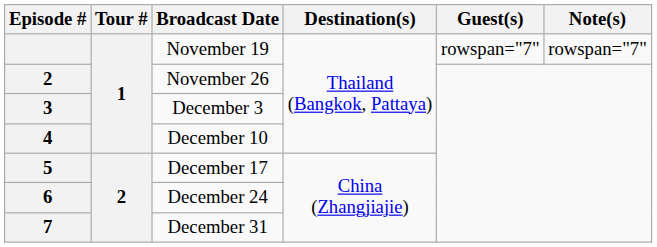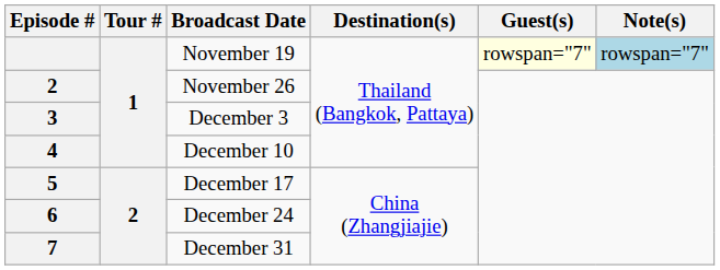 <table class="wikitable">
 <tr>
 <th>Episode #</th>
 <th>Tour #</th>
 <th>Broadcast Date</th>
 <th>Destination(s)</th>
 <th>Guest(s)</th>
 <th>Note(s)</th>
 </tr>
 <tr style="text-align:center;">
 <th></th>
 <th rowspan="4">1</th>
 <td>November 19</td>
 <td rowspan="4"><a href='#'>Thailand</a><br>(<a href='#'>Bangkok</a>, <a href='#'>Pattaya</a>)</td>
-<td>rowspan="7" </td>
-<td>rowspan="7" </td>
+<td style="background: lightyellow;">rowspan="7" </td>
+<td style="background: lightblue;">rowspan="7" </td>
 </tr>
 <tr style="text-align:center;">
 <th>2</th>
 <td>November 26</td>
 </tr>
 <tr style="text-align:center;">
 <th>3</th>
 <td>December 3</td>
 </tr>
 <tr style="text-align:center;">
 <th>4</th>
 <td>December 10</td>
 </tr>
 <tr style="text-align:center;">
 <th>5</th>
 <th rowspan="3">2</th>
 <td>December 17</td>
 <td rowspan="3"><a href='#'>China</a><br>(<a href='#'>Zhangjiajie</a>)</td>
 </tr>
 <tr style="text-align:center;">
 <th>6</th>
 <td>December 24</td>
 </tr>
 <tr style="text-align:center;">
 <th>7</th>
 <td>December 31</td>
 </tr>
 </table>
